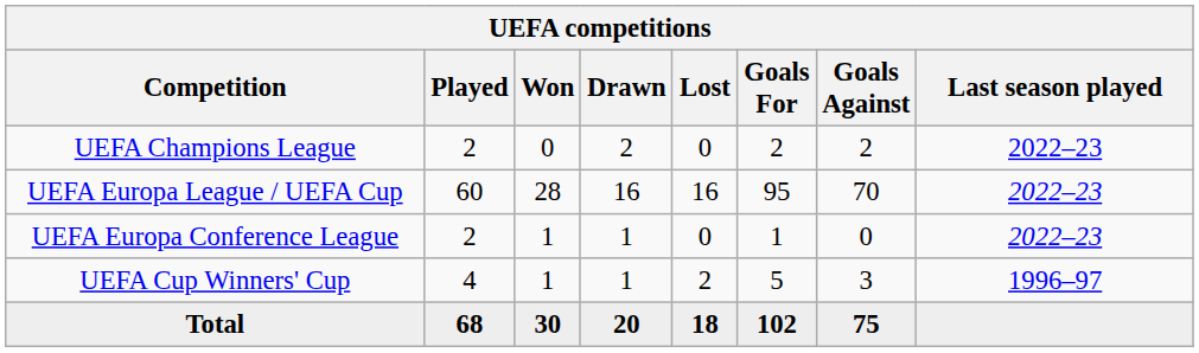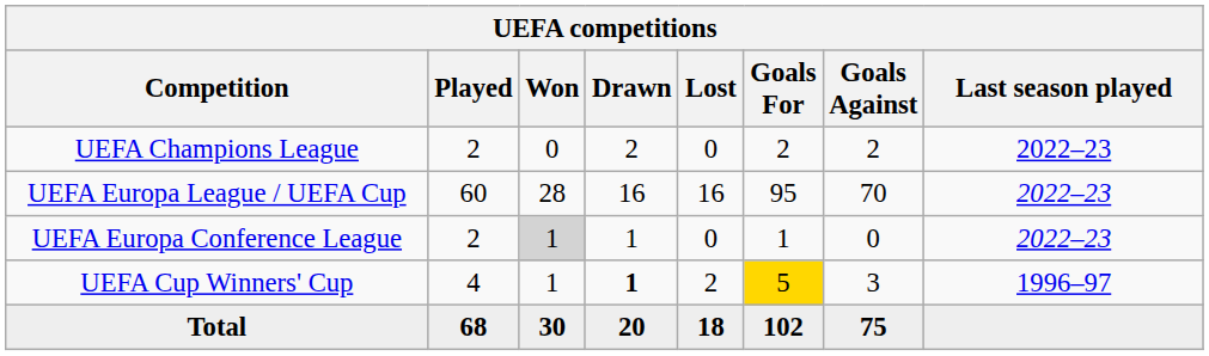 <table class="wikitable" style="font-size:95%; text-align: center;">
 <tr>
 <th colspan="8">UEFA competitions</th>
 </tr>
 <tr>
 <th width="230">Competition</th>
 <th width="30">Played</th>
 <th width="30">Won</th>
 <th width="30">Drawn</th>
 <th width="30">Lost</th>
 <th width="30">Goals For</th>
 <th width="30">Goals Against</th>
 <th width="150">Last season played</th>
 </tr>
 <tr>
 <td><a href='#'>UEFA Champions League</a></td>
 <td>2</td>
 <td>0</td>
 <td>2</td>
 <td>0</td>
 <td>2</td>
 <td>2</td>
 <td><a href='#'>2022–23</a></td>
 </tr>
 <tr>
 <td><a href='#'>UEFA Europa League / UEFA Cup</a></td>
 <td>60</td>
 <td>28</td>
 <td>16</td>
 <td>16</td>
 <td>95</td>
 <td>70</td>
 <td><a href='#'><em>2022–23</em></a></td>
 </tr>
 <tr>
 <td><a href='#'>UEFA Europa Conference League</a></td>
 <td>2</td>
-<td>1</td>
+<td style="background: lightgrey;">1</td>
 <td>1</td>
 <td>0</td>
 <td>1</td>
 <td>0</td>
 <td><a href='#'><em>2022–23</em></a></td>
 </tr>
 <tr>
 <td><a href='#'>UEFA Cup Winners' Cup</a></td>
 <td>4</td>
 <td>1</td>
-<td>1</td>
+<td><strong>1</strong></td>
 <td>2</td>
-<td>5</td>
+<td style="background: gold;">5</td>
 <td>3</td>
 <td><a href='#'>1996–97</a></td>
 </tr>
 <tr bgcolor=#EEEEEE>
 <td><strong>Total</strong></td>
 <td><strong>68</strong></td>
 <td><strong>30</strong></td>
 <td><strong>20</strong></td>
 <td><strong>18</strong></td>
 <td><strong>102</strong></td>
 <td><strong>75</strong></td>
 <td></td>
 </tr>
 </table>
